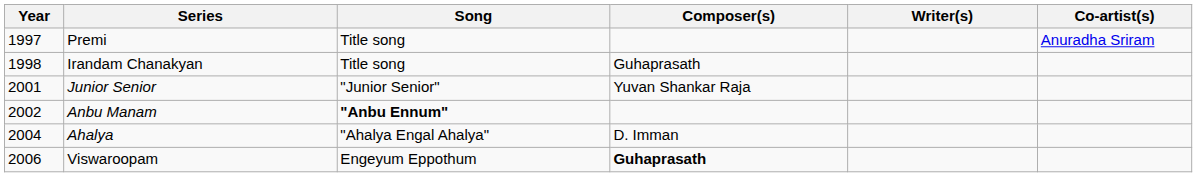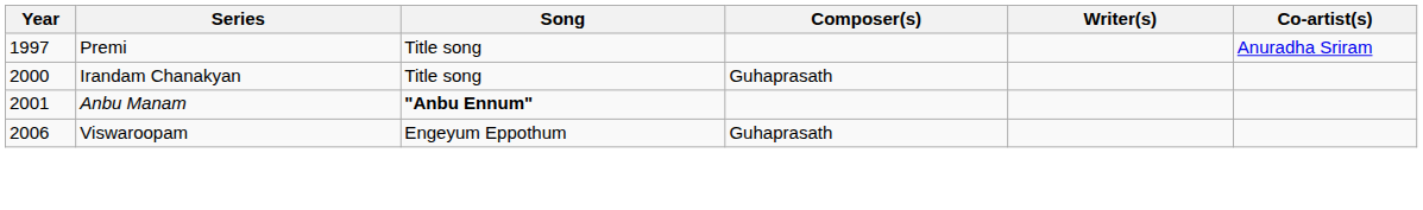 <table class="wikitable plainrowheaders" width="100%" textcolor:#000;">
 <tr style="background:#b0e0e66;">
 <th scope="col" width=5%><strong>Year</strong></th>
 <th scope="col" width=23%><strong>Series</strong></th>
 <th scope="col" width=23%><strong>Song</strong></th>
 <th scope="col" width=20%><strong>Composer(s)</strong></th>
 <th scope="col" width=16%><strong>Writer(s)</strong></th>
 <th scope="col" width=18%><strong>Co-artist(s)</strong></th>
 </tr>
 <tr>
 <td>1997</td>
 <td>Premi</td>
 <td>Title song</td>
 <td></td>
 <td></td>
 <td><a href='#'>Anuradha Sriram</a></td>
 </tr>
 <tr>
-<td>1998</td>
+<td>2000</td>
 <td>Irandam Chanakyan</td>
 <td>Title song</td>
 <td>Guhaprasath</td>
 <td></td>
 <td></td>
 </tr>
 <tr>
 <td>2001</td>
-<td><em>Junior Senior</em></td>
-<td>"Junior Senior"</td>
-<td>Yuvan Shankar Raja</td>
-<td></td>
-<td></td>
-</tr>
-<tr>
-<td>2002</td>
 <td><em>Anbu Manam</em></td>
 <td><strong>"Anbu Ennum"</strong></td>
 <td></td>
 <td></td>
 <td></td>
 </tr>
 <tr>
-<td>2004</td>
-<td><em>Ahalya</em></td>
-<td>"Ahalya Engal Ahalya"</td>
-<td>D. Imman</td>
-<td></td>
-<td></td>
-</tr>
-<tr>
 <td>2006</td>
 <td>Viswaroopam</td>
 <td>Engeyum Eppothum</td>
-<td><strong>Guhaprasath</strong></td>
+<td>Guhaprasath</td>
 <td></td>
 <td></td>
 </tr>
 </table>
